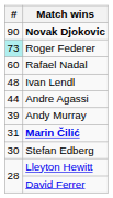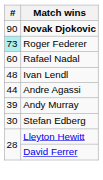 <table class="wikitable" style="display:inline-table;">
 <tr>
 <th width=20>#</th>
 <th>Match wins</th>
 </tr>
 <tr>
 <td>90</td>
 <td> <strong>Novak Djokovic</strong></td>
 </tr>
 <tr>
 <td style="background: paleturquoise;">73</td>
 <td> Roger Federer</td>
 </tr>
 <tr>
 <td>60</td>
 <td> Rafael Nadal</td>
 </tr>
 <tr>
 <td>48</td>
 <td> Ivan Lendl</td>
 </tr>
 <tr>
 <td>44</td>
 <td> Andre Agassi</td>
 </tr>
 <tr>
 <td>39</td>
 <td> Andy Murray</td>
 </tr>
 <tr>
-<td>31</td>
-<td> <strong><a href='#'>Marin Čilić</a></strong></td>
-</tr>
-<tr>
 <td>30</td>
 <td> Stefan Edberg</td>
 </tr>
 <tr>
 <td rowspan="2">28</td>
 <td> <a href='#'>Lleyton Hewitt</a></td>
 </tr>
 <tr>
 <td> <a href='#'>David Ferrer</a></td>
 </tr>
 </table>
